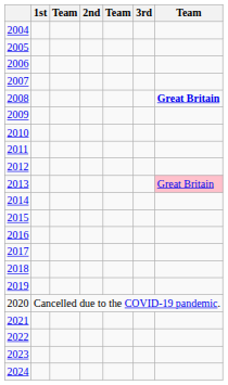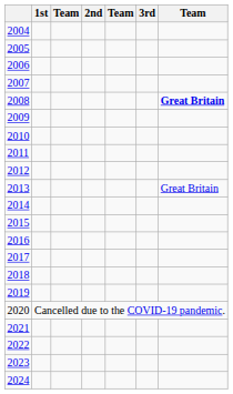 <table class="wikitable">
 <tr>
 <th></th>
 <th>1st</th>
 <th>Team</th>
 <th>2nd</th>
 <th>Team</th>
 <th>3rd</th>
 <th>Team</th>
 </tr>
 <tr>
 <td><a href='#'>2004</a></td>
 <td></td>
 <td></td>
 <td></td>
 <td></td>
 <td></td>
 <td></td>
 </tr>
 <tr>
 <td><a href='#'>2005</a></td>
 <td></td>
 <td></td>
 <td></td>
 <td></td>
 <td></td>
 <td></td>
 </tr>
 <tr>
 <td><a href='#'>2006</a></td>
 <td></td>
 <td></td>
 <td></td>
 <td></td>
 <td></td>
 <td></td>
 </tr>
 <tr>
 <td><a href='#'>2007</a></td>
 <td></td>
 <td></td>
 <td></td>
 <td></td>
 <td></td>
 <td></td>
 </tr>
 <tr>
 <td><a href='#'>2008</a></td>
 <td></td>
 <td></td>
 <td></td>
 <td></td>
 <td></td>
 <td><strong><a href='#'>Great Britain</a></strong></td>
 </tr>
 <tr>
 <td><a href='#'>2009</a></td>
 <td></td>
 <td></td>
 <td></td>
 <td></td>
 <td></td>
 <td></td>
 </tr>
 <tr>
 <td><a href='#'>2010</a></td>
 <td></td>
 <td></td>
 <td></td>
 <td></td>
 <td></td>
 <td></td>
 </tr>
 <tr>
 <td><a href='#'>2011</a></td>
 <td></td>
 <td></td>
 <td></td>
 <td></td>
 <td></td>
 <td></td>
 </tr>
 <tr>
 <td><a href='#'>2012</a></td>
 <td></td>
 <td></td>
 <td></td>
 <td></td>
 <td></td>
 <td></td>
 </tr>
 <tr>
 <td><a href='#'>2013</a></td>
 <td></td>
 <td></td>
 <td></td>
 <td></td>
 <td></td>
-<td style="background: pink;"><a href='#'>Great Britain</a></td>
+<td><a href='#'>Great Britain</a></td>
 </tr>
 <tr>
 <td><a href='#'>2014</a></td>
 <td></td>
 <td></td>
 <td></td>
 <td></td>
 <td></td>
 <td></td>
 </tr>
 <tr>
 <td><a href='#'>2015</a></td>
 <td></td>
 <td></td>
 <td></td>
 <td></td>
 <td></td>
 <td></td>
 </tr>
 <tr>
 <td><a href='#'>2016</a></td>
 <td></td>
 <td></td>
 <td></td>
 <td></td>
 <td></td>
 <td></td>
 </tr>
 <tr>
 <td><a href='#'>2017</a></td>
 <td></td>
 <td></td>
 <td></td>
 <td></td>
 <td></td>
 <td></td>
 </tr>
 <tr>
 <td><a href='#'>2018</a></td>
 <td></td>
 <td></td>
 <td></td>
 <td></td>
 <td></td>
 <td></td>
 </tr>
 <tr>
 <td><a href='#'>2019</a></td>
 <td></td>
 <td></td>
 <td></td>
 <td></td>
 <td></td>
 <td></td>
 </tr>
 <tr>
 <td>2020</td>
 <td colspan="6">Cancelled due to the <a href='#'>COVID-19 pandemic</a>.</td>
 </tr>
 <tr>
 <td><a href='#'>2021</a></td>
 <td></td>
 <td></td>
 <td></td>
 <td></td>
 <td></td>
 <td></td>
 </tr>
 <tr>
 <td><a href='#'>2022</a></td>
 <td></td>
 <td></td>
 <td></td>
 <td></td>
 <td></td>
 <td></td>
 </tr>
 <tr>
 <td><a href='#'>2023</a></td>
 <td></td>
 <td></td>
 <td></td>
 <td></td>
 <td></td>
 <td></td>
 </tr>
 <tr>
 <td><a href='#'>2024</a></td>
 <td></td>
 <td></td>
 <td></td>
 <td></td>
 <td></td>
 <td></td>
 </tr>
 </table>
